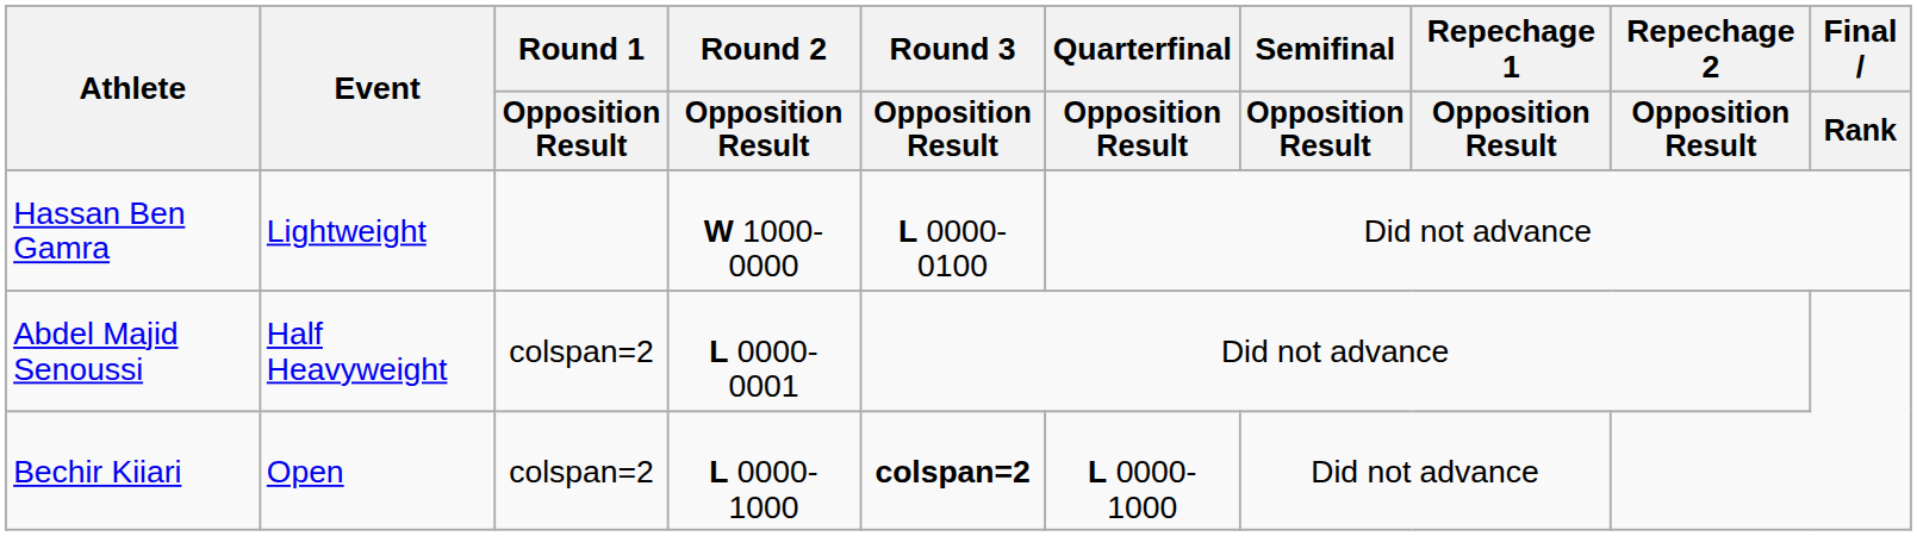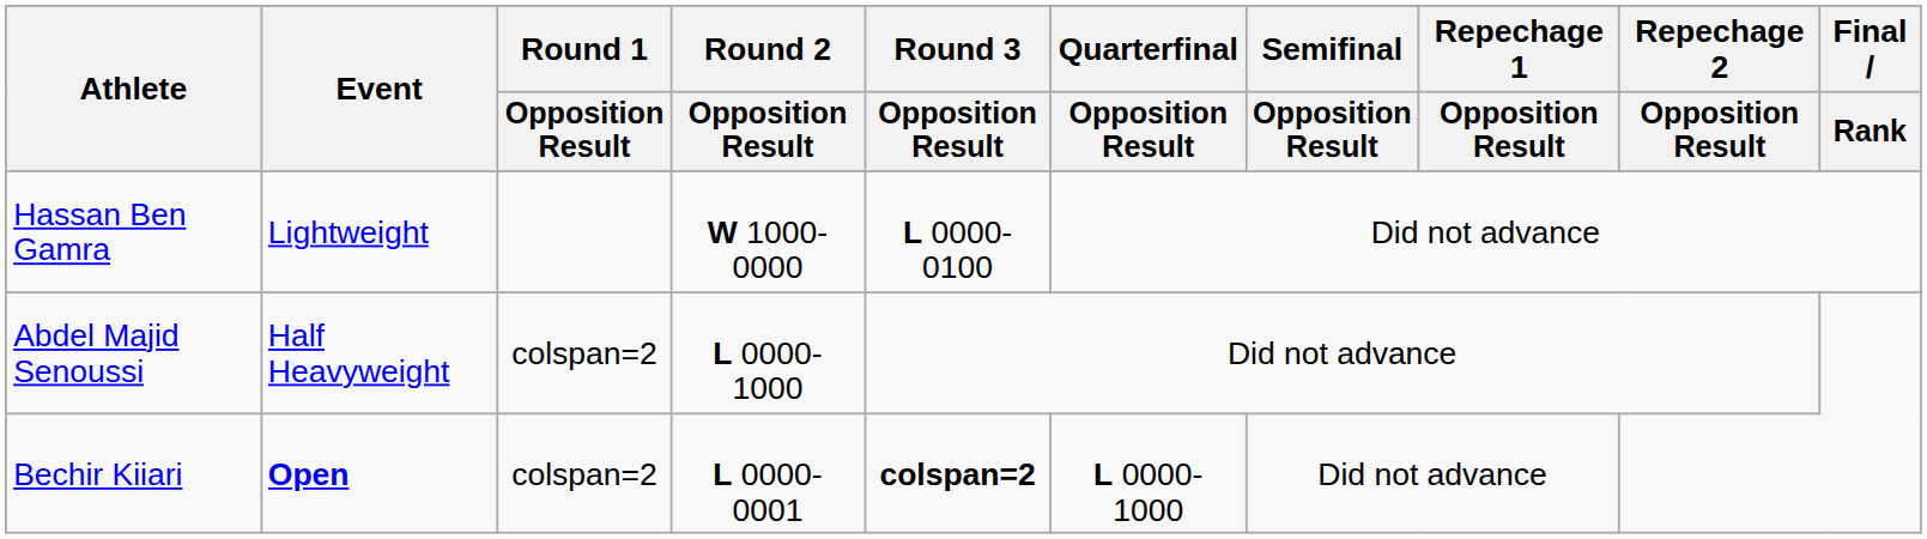 <table class="wikitable" style="font-size:90%">
 <tr>
 <th rowspan="2">Athlete</th>
 <th rowspan="2">Event</th>
 <th>Round 1</th>
 <th>Round 2</th>
 <th>Round 3</th>
 <th>Quarterfinal</th>
 <th>Semifinal</th>
 <th>Repechage 1</th>
 <th>Repechage 2</th>
 <th colspan=2>Final / </th>
 </tr>
 <tr style="font-size:95%">
 <th>Opposition<br>Result</th>
 <th>Opposition<br>Result</th>
 <th>Opposition<br>Result</th>
 <th>Opposition<br>Result</th>
 <th>Opposition<br>Result</th>
 <th>Opposition<br>Result</th>
 <th>Opposition<br>Result</th>
 <th>Rank</th>
 </tr>
 <tr align=center>
 <td align=left><a href='#'>Hassan Ben Gamra</a></td>
 <td align=left><a href='#'>Lightweight</a></td>
 <td></td>
 <td><br><strong>W</strong> 1000-0000</td>
 <td><br><strong>L</strong> 0000-0100</td>
 <td colspan=5>Did not advance</td>
 </tr>
 <tr align=center>
 <td align=left><a href='#'>Abdel Majid Senoussi</a></td>
 <td align=left><a href='#'>Half Heavyweight</a></td>
 <td>colspan=2 </td>
-<td><br><strong>L</strong> 0000-0001</td>
+<td><br><strong>L</strong> 0000-1000</td>
 <td colspan=5>Did not advance</td>
 </tr>
 <tr align=center>
 <td align=left><a href='#'>Bechir Kiiari</a></td>
-<td align=left><a href='#'>Open</a></td>
+<td align=left><strong><a href='#'>Open</a></strong></td>
 <td>colspan=2 </td>
-<td><br><strong>L</strong> 0000-1000</td>
+<td><br><strong>L</strong> 0000-0001</td>
 <td><strong>colspan=2 </strong></td>
 <td><br><strong>L</strong> 0000-1000</td>
 <td colspan=2>Did not advance</td>
 </tr>
 </table>
